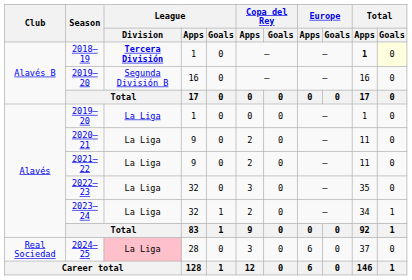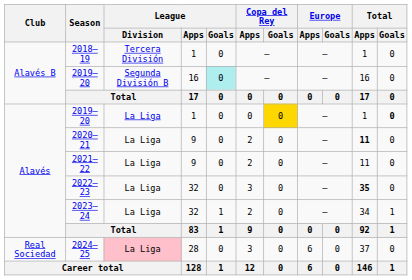 <table class="wikitable" style="text-align:center">
 <tr>
 <th rowspan="2">Club</th>
 <th rowspan="2">Season</th>
 <th colspan="3">League</th>
 <th colspan="2"><a href='#'>Copa del Rey</a></th>
 <th colspan="2"><a href='#'>Europe</a></th>
 <th colspan="2">Total</th>
 </tr>
 <tr>
 <th>Division</th>
 <th>Apps</th>
 <th>Goals</th>
 <th>Apps</th>
 <th>Goals</th>
 <th>Apps</th>
 <th>Goals</th>
 <th>Apps</th>
 <th>Goals</th>
 </tr>
 <tr>
 <td rowspan="3"><a href='#'>Alavés B</a></td>
 <td><a href='#'>2018–19</a></td>
-<td><strong><a href='#'>Tercera División</a></strong></td>
+<td><a href='#'>Tercera División</a></td>
 <td>1</td>
 <td>0</td>
 <td colspan="2">—</td>
 <td colspan="2">—</td>
-<td><strong>1</strong></td>
-<td style="background: lightyellow;">0</td>
+<td>1</td>
+<td>0</td>
 </tr>
 <tr>
 <td><a href='#'>2019–20</a></td>
 <td><a href='#'>Segunda División B</a></td>
 <td>16</td>
-<td>0</td>
+<td style="background: paleturquoise;">0</td>
 <td colspan="2">—</td>
 <td colspan="2">—</td>
 <td>16</td>
 <td>0</td>
 </tr>
 <tr>
 <th colspan="2">Total</th>
 <th>17</th>
 <th>0</th>
 <th>0</th>
 <th>0</th>
 <th>0</th>
 <th>0</th>
 <th>17</th>
 <th>0</th>
 </tr>
 <tr>
 <td rowspan="6"><a href='#'>Alavés</a></td>
 <td><a href='#'>2019–20</a></td>
 <td><a href='#'>La Liga</a></td>
 <td>1</td>
 <td>0</td>
 <td>0</td>
-<td>0</td>
+<td style="background: gold;">0</td>
 <td colspan="2">—</td>
 <td>1</td>
-<td>0</td>
+<td><strong>0</strong></td>
 </tr>
 <tr>
 <td><a href='#'>2020–21</a></td>
 <td>La Liga</td>
 <td>9</td>
 <td>0</td>
 <td>2</td>
 <td>0</td>
 <td colspan="2">—</td>
-<td>11</td>
+<td><strong>11</strong></td>
 <td>0</td>
 </tr>
 <tr>
 <td><a href='#'>2021–22</a></td>
 <td>La Liga</td>
 <td>9</td>
 <td>0</td>
 <td>2</td>
 <td>0</td>
 <td colspan="2">—</td>
 <td>11</td>
 <td>0</td>
 </tr>
 <tr>
 <td><a href='#'>2022–23</a></td>
 <td>La Liga</td>
 <td>32</td>
 <td>0</td>
 <td>3</td>
 <td>0</td>
 <td colspan="2">—</td>
-<td>35</td>
+<td><strong>35</strong></td>
 <td>0</td>
 </tr>
 <tr>
 <td><a href='#'>2023–24</a></td>
 <td>La Liga</td>
 <td>32</td>
 <td>1</td>
 <td>2</td>
 <td>0</td>
 <td colspan="2">—</td>
 <td>34</td>
 <td>1</td>
 </tr>
 <tr>
 <th colspan="2">Total</th>
 <th>83</th>
 <th>1</th>
 <th>9</th>
 <th>0</th>
 <th>0</th>
 <th>0</th>
 <th>92</th>
 <th>1</th>
 </tr>
 <tr>
 <td><a href='#'>Real Sociedad</a></td>
 <td><a href='#'>2024–25</a></td>
 <td style="background: pink;">La Liga</td>
 <td>28</td>
 <td>0</td>
 <td>3</td>
 <td>0</td>
 <td>6</td>
 <td>0</td>
 <td>37</td>
 <td>0</td>
 </tr>
 <tr>
 <th colspan="3">Career total</th>
 <th>128</th>
 <th>1</th>
 <th>12</th>
 <th>0</th>
 <th>6</th>
 <th>0</th>
 <th>146</th>
 <th>1</th>
 </tr>
 </table>
